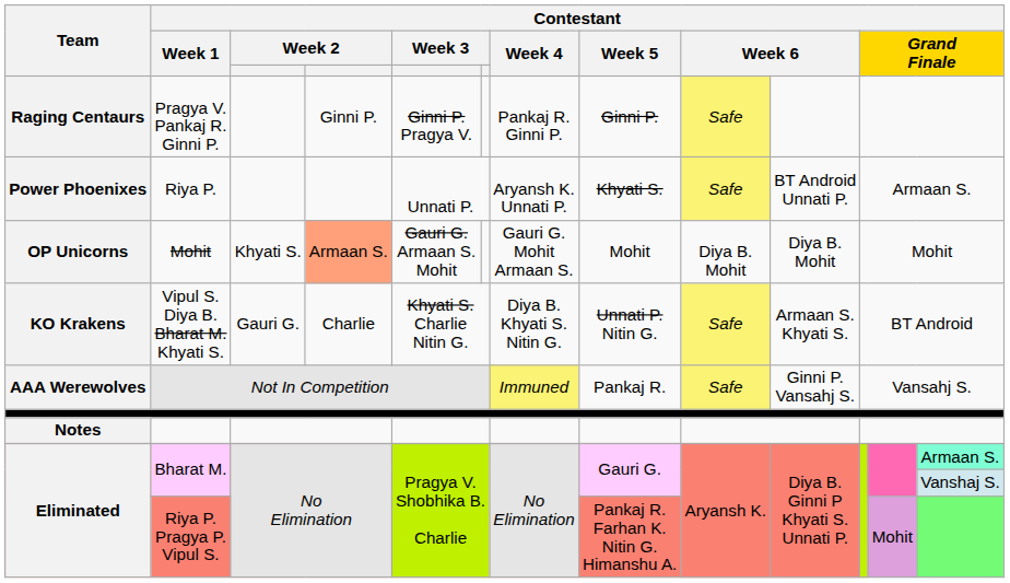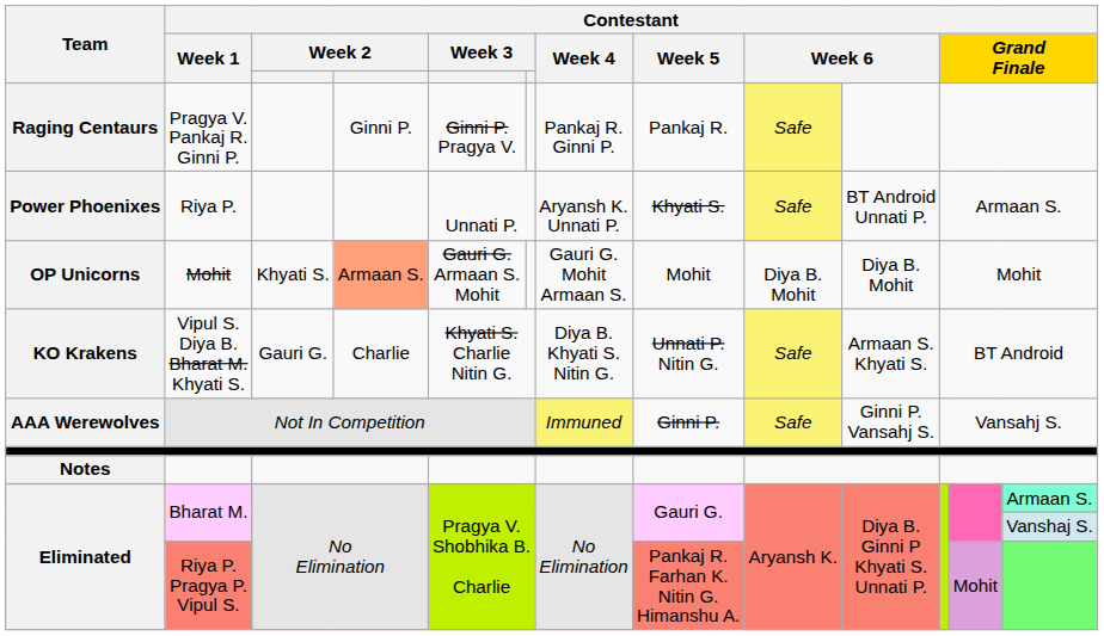 <table class="wikitable" style="text-align:center; font-size:85%;">
 <tr>
 <th rowspan="3">Team</th>
 <th colspan="12">Contestant</th>
 </tr>
 <tr>
 <th rowspan="2">Week 1</th>
 <th colspan="2">Week 2</th>
 <th colspan="2">Week 3</th>
 <th rowspan="2">Week 4</th>
 <th rowspan="2">Week 5</th>
 <th rowspan="2" colspan="2">Week 6</th>
 <th rowspan="2" colspan="3" style="background:gold;"><em>Grand<br>Finale</em></th>
 </tr>
 <tr>
 <th></th>
 <th></th>
 <th></th>
 <th></th>
 </tr>
 <tr>
 <th>Raging Centaurs</th>
 <td><br>Pragya V.<br>Pankaj R.<br>Ginni P.</td>
 <td></td>
 <td>Ginni P.</td>
 <td><br><s>Ginni P.</s><br>Pragya V.</td>
 <td></td>
 <td><br>Pankaj R.<br>Ginni P.</td>
-<td><s>Ginni P.</s><br></td>
+<td>Pankaj R.</td>
 <td style="background:#FBF373;"><em>Safe</em></td>
 <td><br></td>
 <td colspan="3"><br></td>
 </tr>
 <tr>
 <th>Power Phoenixes</th>
 <td>Riya P.</td>
 <td></td>
 <td></td>
 <td colspan="2"><s></s><br> <br>Unnati P.</td>
 <td><br>Aryansh K.<br>Unnati P.</td>
 <td><s>Khyati S.</s><br></td>
 <td style="background:#FBF373;"><em>Safe</em></td>
 <td>BT Android<br>Unnati P.</td>
 <td colspan="3">Armaan S.</td>
 </tr>
 <tr>
 <th>OP Unicorns</th>
 <td><s>Mohit</s><br></td>
 <td>Khyati S.</td>
 <td style="background: lightsalmon;">Armaan S.</td>
 <td><s>Gauri G.</s><br>Armaan S.<br>Mohit<br></td>
 <td></td>
 <td>Gauri G.<br>Mohit<br>Armaan S.</td>
 <td>Mohit</td>
 <td><br>Diya B.<br>Mohit</td>
 <td>Diya B.<br>Mohit</td>
 <td colspan="3">Mohit</td>
 </tr>
 <tr>
 <th>KO Krakens</th>
 <td>Vipul S.<br>Diya B.<br>		<s>Bharat M.</s><br>Khyati S.</td>
 <td>Gauri G.</td>
 <td>Charlie</td>
 <td colspan="2"><s>Khyati S.</s><br>Charlie<br>Nitin G.</td>
 <td>Diya B.<br>Khyati S.<br>Nitin G.</td>
 <td><s>Unnati P.</s><br>Nitin G.</td>
 <td style="background:#FBF373;"><em>Safe</em></td>
 <td>Armaan S.<br>Khyati S.</td>
 <td colspan="3">BT Android</td>
 </tr>
 <tr>
 <th>AAA Werewolves</th>
 <td colspan="5" style="background:#E5E5E5;"><em>Not In Competition</em></td>
 <td style="background:#FBF373;"><em>Immuned</em></td>
-<td>Pankaj R.</td>
+<td><s>Ginni P.</s><br></td>
 <td style="background:#FBF373;"><em>Safe</em></td>
 <td>Ginni P.<br>Vansahj S.</td>
 <td colspan="3">Vansahj S.</td>
 </tr>
 <tr>
 <td colspan="13" style="background:#000;"></td>
 </tr>
 <tr>
 <th>Notes</th>
 <td></td>
 <td colspan="2"></td>
 <td colspan="2"></td>
 <td></td>
 <td></td>
 <td colspan="2"></td>
 <td colspan="3"></td>
 </tr>
 <tr>
 </tr>
 <tr style="background:#FA8072;">
 <th rowspan="3">Eliminated</th>
 <td rowspan="2" style="background:#fcf;">Bharat M.</td>
 <td colspan="2" rowspan="3" style="background:#E5E5E5"><em>No<br>Elimination</em></td>
 <td colspan="2" rowspan="3" style="background:#BFF000;">Pragya V.<br>Shobhika B.<br><br>Charlie</td>
 <td rowspan="3" style="background:#E5E5E5"><em>No<br>Elimination</em></td>
 <td rowspan="2" style="background:#fcf;">Gauri G.</td>
 <td rowspan="3" style="background:#FA8072">Aryansh K.</td>
 <td rowspan="3" style="background:#FA8072">Diya B.<br>Ginni P<br>Khyati S.<br>Unnati P.</td>
 <td rowspan="3" style="background:#BFF000;"></td>
 <td rowspan="2" style="background:#FF69B4;"></td>
 <td style="background:#7FFFD4;">Armaan S.</td>
 </tr>
 <tr>
 <td style="background:#D1E8EF;">Vanshaj S.</td>
 </tr>
 <tr>
 <td style="background:#FA8072;">Riya P.<br>Pragya P.<br>Vipul S.</td>
 <td style="background:#FA8072;">Pankaj R.<br>Farhan K.<br>Nitin G.<br>Himanshu A.</td>
 <td style="background:#DDA0DD;">Mohit</td>
 <td style="background:#73FB76;"></td>
 </tr>
 </table>
